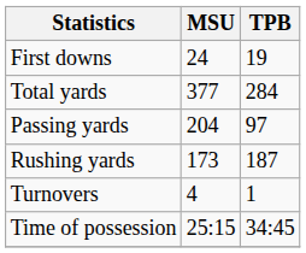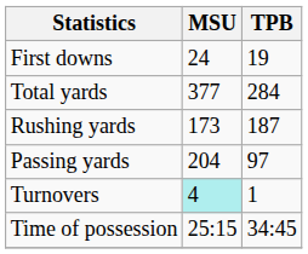 <table class="wikitable" style="float: left;">
 <tr>
 <th>Statistics</th>
 <th>MSU</th>
 <th>TPB</th>
 </tr>
 <tr>
 <td>First downs</td>
 <td>24</td>
 <td>19</td>
 </tr>
 <tr>
 <td>Total yards</td>
 <td>377</td>
 <td>284</td>
 </tr>
 <tr>
+<td>Rushing yards</td>
+<td>173</td>
+<td>187</td>
+</tr>
+<tr>
 <td>Passing yards</td>
 <td>204</td>
 <td>97</td>
 </tr>
 <tr>
-<td>Rushing yards</td>
-<td>173</td>
-<td>187</td>
-</tr>
-<tr>
 <td>Turnovers</td>
-<td>4</td>
+<td style="background: paleturquoise;">4</td>
 <td>1</td>
 </tr>
 <tr>
 <td>Time of possession</td>
 <td>25:15</td>
 <td>34:45</td>
 </tr>
 <tr>
 </tr>
 </table>
